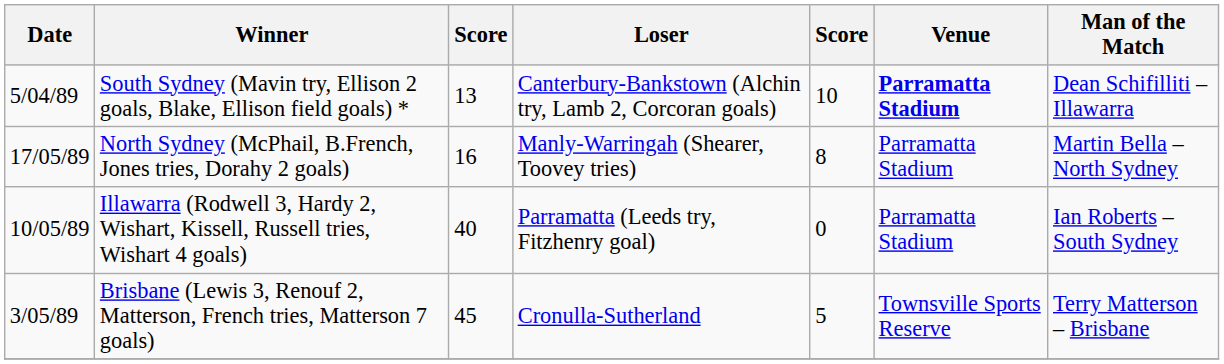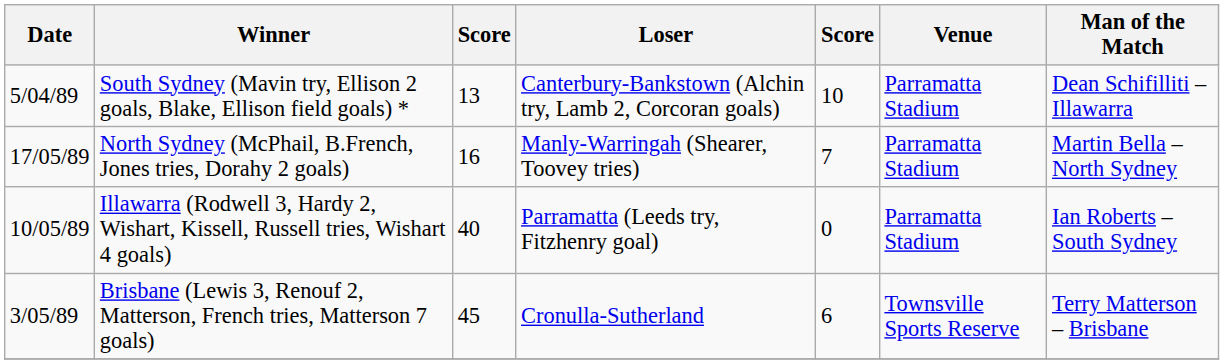 <table class="wikitable">
 <tr style="background:#efefef">
 <th>Date</th>
 <th>Winner</th>
 <th>Score</th>
 <th>Loser</th>
 <th>Score</th>
 <th>Venue</th>
 <th>Man of the Match</th>
 </tr>
 <tr>
 <td>5/04/89</td>
 <td> <a href='#'>South Sydney</a> (Mavin try, Ellison 2 goals, Blake, Ellison field goals) *</td>
 <td>13</td>
 <td> <a href='#'>Canterbury-Bankstown</a> (Alchin try, Lamb 2, Corcoran goals)</td>
 <td>10</td>
-<td><strong><a href='#'>Parramatta Stadium</a></strong></td>
+<td><a href='#'>Parramatta Stadium</a></td>
 <td><a href='#'>Dean Schifilliti</a> – <a href='#'>Illawarra</a></td>
 </tr>
 <tr>
 <td>17/05/89</td>
 <td> <a href='#'>North Sydney</a> (McPhail, B.French, Jones tries, Dorahy 2 goals)</td>
 <td>16</td>
 <td> <a href='#'>Manly-Warringah</a> (Shearer, Toovey tries)</td>
-<td>8</td>
+<td>7</td>
 <td><a href='#'>Parramatta Stadium</a></td>
 <td><a href='#'>Martin Bella</a> – <a href='#'>North Sydney</a></td>
 </tr>
 <tr>
 <td>10/05/89</td>
 <td> <a href='#'>Illawarra</a> (Rodwell 3, Hardy 2, Wishart, Kissell, Russell tries, Wishart 4 goals)</td>
 <td>40</td>
 <td> <a href='#'>Parramatta</a> (Leeds try, Fitzhenry goal)</td>
 <td>0</td>
 <td><a href='#'>Parramatta Stadium</a></td>
 <td><a href='#'>Ian Roberts</a> – <a href='#'>South Sydney</a></td>
 </tr>
 <tr>
 <td>3/05/89</td>
 <td> <a href='#'>Brisbane</a> (Lewis 3, Renouf 2, Matterson, French tries, Matterson 7 goals)</td>
 <td>45</td>
 <td> <a href='#'>Cronulla-Sutherland</a></td>
-<td>5</td>
+<td>6</td>
 <td><a href='#'>Townsville Sports Reserve</a></td>
 <td><a href='#'>Terry Matterson</a> – <a href='#'>Brisbane</a></td>
 </tr>
 <tr>
 </tr>
 </table>
